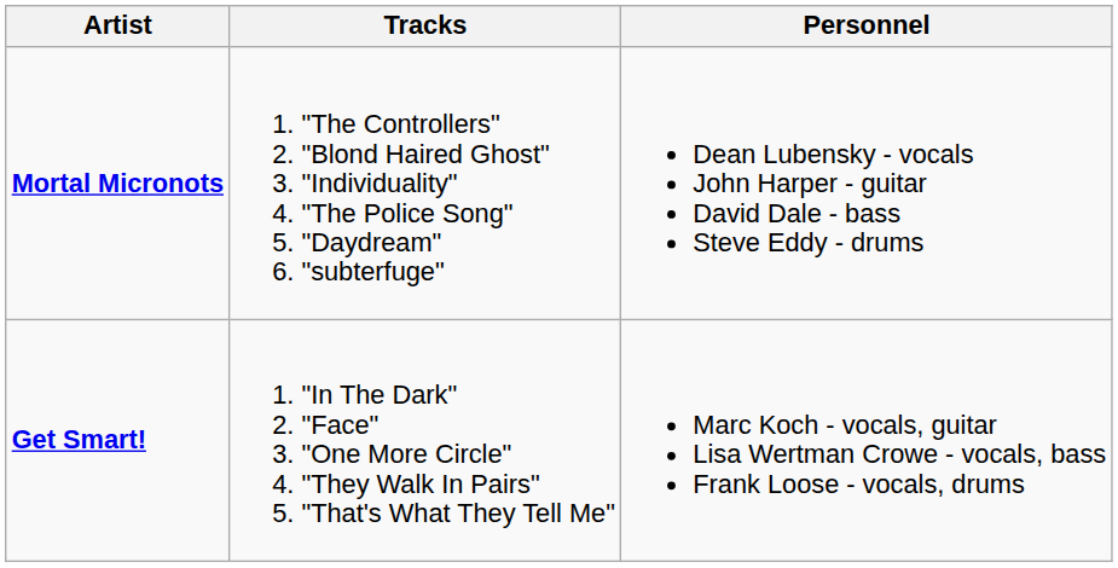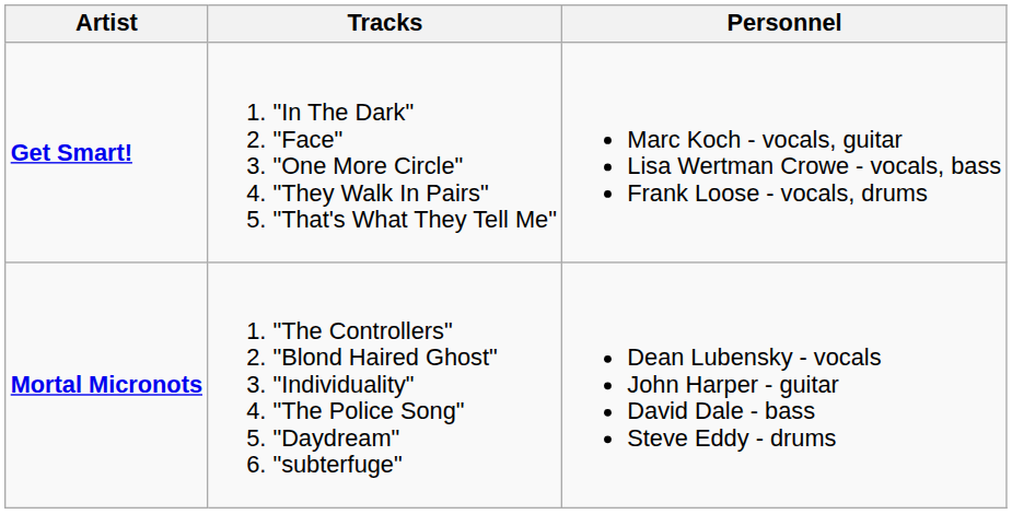 <table class="wikitable">
 <tr>
 <th>Artist</th>
 <th>Tracks</th>
 <th>Personnel</th>
 </tr>
 <tr>
+<td><strong><a href='#'>Get Smart!</a></strong></td>
+<td><br><ol><li>"In The Dark"</li><li>"Face"</li><li>"One More Circle"</li><li>"They Walk In Pairs"</li><li>"That's What They Tell Me"</li></ol></td>
+<td><br><ul><li>Marc Koch - vocals, guitar</li><li>Lisa Wertman Crowe - vocals, bass</li><li>Frank Loose - vocals, drums</li></ul></td>
+</tr>
+<tr>
 <td><strong><a href='#'>Mortal Micronots</a></strong></td>
 <td><br><ol><li>"The Controllers"</li><li>"Blond Haired Ghost"</li><li>"Individuality"</li><li>"The Police Song"</li><li>"Daydream"</li><li>"subterfuge"</li></ol></td>
 <td><br><ul><li>Dean Lubensky - vocals</li><li>John Harper - guitar</li><li>David Dale - bass</li><li>Steve Eddy - drums</li></ul></td>
 </tr>
-<tr>
-<td><strong><a href='#'>Get Smart!</a></strong></td>
-<td><br><ol><li>"In The Dark"</li><li>"Face"</li><li>"One More Circle"</li><li>"They Walk In Pairs"</li><li>"That's What They Tell Me"</li></ol></td>
-<td><br><ul><li>Marc Koch - vocals, guitar</li><li>Lisa Wertman Crowe - vocals, bass</li><li>Frank Loose - vocals, drums</li></ul></td>
-</tr>
 </table>
